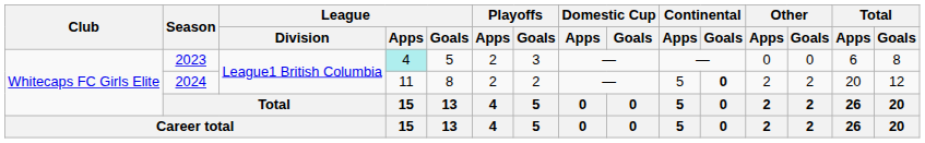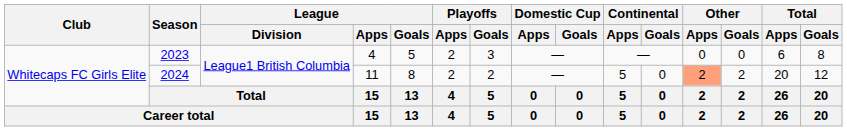 <table class="wikitable" style="text-align: center;">
 <tr>
 <th rowspan="2">Club</th>
 <th rowspan="2">Season</th>
 <th colspan="3">League</th>
 <th colspan="2">Playoffs</th>
 <th colspan="2">Domestic Cup</th>
 <th colspan="2">Continental</th>
 <th colspan="2">Other</th>
 <th colspan="2">Total</th>
 </tr>
 <tr>
 <th>Division</th>
 <th>Apps</th>
 <th>Goals</th>
 <th>Apps</th>
 <th>Goals</th>
 <th>Apps</th>
 <th>Goals</th>
 <th>Apps</th>
 <th>Goals</th>
 <th>Apps</th>
 <th>Goals</th>
 <th>Apps</th>
 <th>Goals</th>
 </tr>
 <tr>
 <td rowspan="3"><a href='#'>Whitecaps FC Girls Elite</a></td>
 <td><a href='#'>2023</a></td>
 <td rowspan="2"><a href='#'>League1 British Columbia</a></td>
-<td style="background: paleturquoise;">4</td>
+<td>4</td>
 <td>5</td>
 <td>2</td>
 <td>3</td>
 <td colspan="2">—</td>
 <td colspan="2">—</td>
 <td>0</td>
 <td>0</td>
 <td>6</td>
 <td>8</td>
 </tr>
 <tr>
 <td><a href='#'>2024</a></td>
 <td>11</td>
 <td>8</td>
 <td>2</td>
 <td>2</td>
 <td colspan="2">—</td>
 <td>5</td>
-<td><strong>0</strong></td>
-<td>2</td>
+<td>0</td>
+<td style="background: lightsalmon;">2</td>
 <td>2</td>
 <td>20</td>
 <td>12</td>
 </tr>
 <tr>
 <th colspan="2">Total</th>
 <th>15</th>
 <th>13</th>
 <th>4</th>
 <th>5</th>
 <th>0</th>
 <th>0</th>
 <th>5</th>
 <th>0</th>
 <th>2</th>
 <th>2</th>
 <th>26</th>
 <th>20</th>
 </tr>
 <tr>
 <th colspan="3">Career total</th>
 <th>15</th>
 <th>13</th>
 <th>4</th>
 <th>5</th>
 <th>0</th>
 <th>0</th>
 <th>5</th>
 <th>0</th>
 <th>2</th>
 <th>2</th>
 <th>26</th>
 <th>20</th>
 </tr>
 </table>
